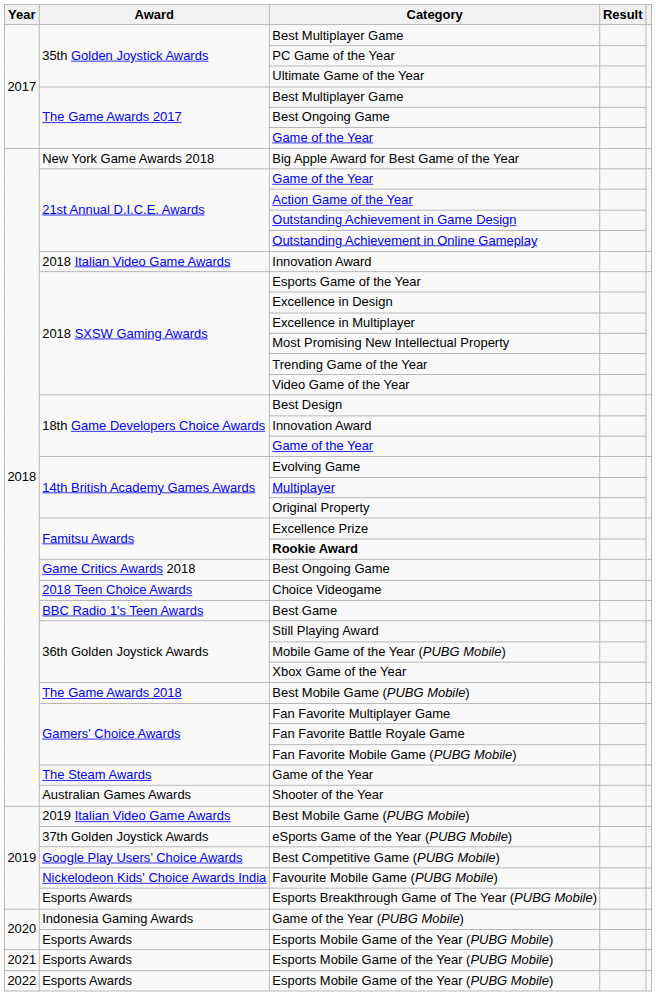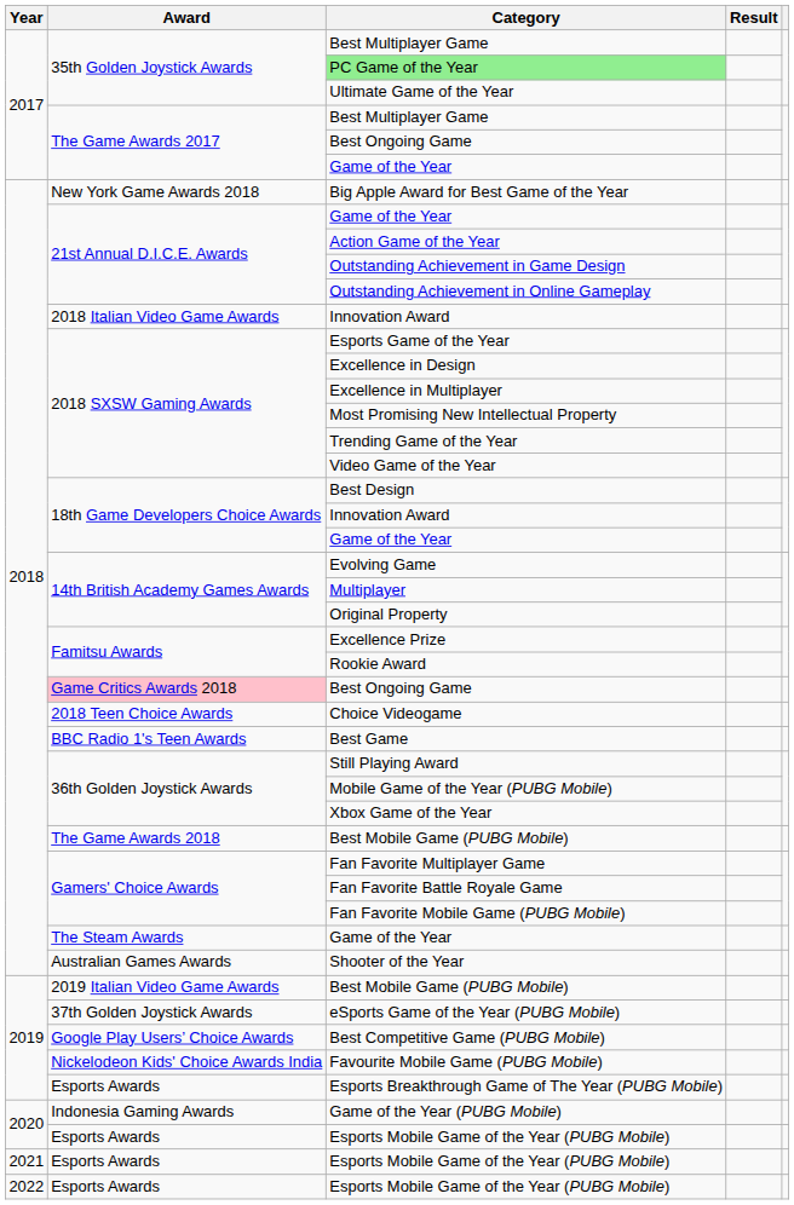 <table class="wikitable sortable">
 <tr>
 <th>Year</th>
 <th>Award</th>
 <th>Category</th>
 <th>Result</th>
 <th></th>
 </tr>
 <tr>
 <td rowspan="6" style="text-align:center">2017</td>
 <td rowspan="3">35th <a href='#'>Golden Joystick Awards</a></td>
 <td>Best Multiplayer Game</td>
 <td></td>
 <td rowspan="3" style="text-align:center"></td>
 </tr>
 <tr>
-<td>PC Game of the Year</td>
+<td style="background: lightgreen;">PC Game of the Year</td>
 <td></td>
 </tr>
 <tr>
 <td>Ultimate Game of the Year</td>
 <td></td>
 </tr>
 <tr>
 <td rowspan="3"><a href='#'>The Game Awards 2017</a></td>
 <td>Best Multiplayer Game</td>
 <td></td>
 <td rowspan="3" style="text-align:center"></td>
 </tr>
 <tr>
 <td>Best Ongoing Game</td>
 <td></td>
 </tr>
 <tr>
 <td><a href='#'>Game of the Year</a></td>
 <td></td>
 </tr>
 <tr>
 <td rowspan="32" style="text-align:center">2018</td>
 <td rowspan="1">New York Game Awards 2018</td>
 <td>Big Apple Award for Best Game of the Year</td>
 <td></td>
 <td style="text-align:center"></td>
 </tr>
 <tr>
 <td rowspan="4"><a href='#'>21st Annual D.I.C.E. Awards</a></td>
 <td><a href='#'>Game of the Year</a></td>
 <td></td>
 <td rowspan="4" style="text-align:center"></td>
 </tr>
 <tr>
 <td><a href='#'>Action Game of the Year</a></td>
 <td></td>
 </tr>
 <tr>
 <td><a href='#'>Outstanding Achievement in Game Design</a></td>
 <td></td>
 </tr>
 <tr>
 <td><a href='#'>Outstanding Achievement in Online Gameplay</a></td>
 <td></td>
 </tr>
 <tr>
 <td rowspan="1">2018 <a href='#'>Italian Video Game Awards</a></td>
 <td>Innovation Award</td>
 <td></td>
 <td style="text-align:center"></td>
 </tr>
 <tr>
 <td rowspan="6">2018 <a href='#'>SXSW Gaming Awards</a></td>
 <td>Esports Game of the Year</td>
 <td></td>
 <td rowspan="6" style="text-align:center"></td>
 </tr>
 <tr>
 <td>Excellence in Design</td>
 <td></td>
 </tr>
 <tr>
 <td>Excellence in Multiplayer</td>
 <td></td>
 </tr>
 <tr>
 <td>Most Promising New Intellectual Property</td>
 <td></td>
 </tr>
 <tr>
 <td>Trending Game of the Year</td>
 <td></td>
 </tr>
 <tr>
 <td>Video Game of the Year</td>
 <td></td>
 </tr>
 <tr>
 <td rowspan="3">18th <a href='#'>Game Developers Choice Awards</a></td>
 <td>Best Design</td>
 <td></td>
 <td rowspan="3" style="text-align:center"></td>
 </tr>
 <tr>
 <td>Innovation Award</td>
 <td></td>
 </tr>
 <tr>
 <td><a href='#'>Game of the Year</a></td>
 <td></td>
 </tr>
 <tr>
 <td rowspan="3"><a href='#'>14th British Academy Games Awards</a></td>
 <td>Evolving Game</td>
 <td></td>
 <td rowspan="3" style="text-align:center"></td>
 </tr>
 <tr>
 <td><a href='#'>Multiplayer</a></td>
 <td></td>
 </tr>
 <tr>
 <td>Original Property</td>
 <td></td>
 </tr>
 <tr>
 <td rowspan="2"><a href='#'>Famitsu Awards</a></td>
 <td>Excellence Prize</td>
 <td></td>
 <td rowspan="2" style="text-align:center"></td>
 </tr>
 <tr>
-<td><strong>Rookie Award</strong></td>
+<td>Rookie Award</td>
 <td></td>
 </tr>
 <tr>
-<td rowspan="1"><a href='#'>Game Critics Awards</a> 2018</td>
+<td rowspan="1" style="background: pink;"><a href='#'>Game Critics Awards</a> 2018</td>
 <td>Best Ongoing Game</td>
 <td></td>
 <td style="text-align:center"></td>
 </tr>
 <tr>
 <td rowspan="1"><a href='#'>2018 Teen Choice Awards</a></td>
 <td>Choice Videogame</td>
 <td></td>
 <td style="text-align:center"></td>
 </tr>
 <tr>
 <td rowspan="1"><a href='#'>BBC Radio 1's Teen Awards</a></td>
 <td>Best Game</td>
 <td></td>
 <td rowspan="1" style="text-align:center"></td>
 </tr>
 <tr>
 <td rowspan="3">36th Golden Joystick Awards</td>
 <td>Still Playing Award</td>
 <td></td>
 <td rowspan="3" style="text-align:center"></td>
 </tr>
 <tr>
 <td>Mobile Game of the Year (<em>PUBG Mobile</em>)</td>
 <td></td>
 </tr>
 <tr>
 <td>Xbox Game of the Year</td>
 <td></td>
 </tr>
 <tr>
 <td rowspan="1"><a href='#'>The Game Awards 2018</a></td>
 <td>Best Mobile Game (<em>PUBG Mobile</em>)</td>
 <td></td>
 <td rowspan="1" style="text-align:center"></td>
 </tr>
 <tr>
 <td rowspan="3"><a href='#'>Gamers' Choice Awards</a></td>
 <td>Fan Favorite Multiplayer Game</td>
 <td></td>
 <td rowspan="3" style="text-align:center"></td>
 </tr>
 <tr>
 <td>Fan Favorite Battle Royale Game</td>
 <td></td>
 </tr>
 <tr>
 <td>Fan Favorite Mobile Game (<em>PUBG Mobile</em>)</td>
 <td></td>
 </tr>
 <tr>
 <td rowspan="1"><a href='#'>The Steam Awards</a></td>
 <td>Game of the Year</td>
 <td></td>
 <td rowspan="1" style="text-align:center"></td>
 </tr>
 <tr>
 <td rowspan="1">Australian Games Awards</td>
 <td>Shooter of the Year</td>
 <td></td>
 <td rowspan="1" style="text-align:center"></td>
 </tr>
 <tr>
 <td rowspan="5" style="text-align:center">2019</td>
 <td rowspan="1">2019 <a href='#'>Italian Video Game Awards</a></td>
 <td>Best Mobile Game (<em>PUBG Mobile</em>)</td>
 <td></td>
 <td rowspan="1" style="text-align:center"></td>
 </tr>
 <tr>
 <td rowspan="1">37th Golden Joystick Awards</td>
 <td>eSports Game of the Year (<em>PUBG Mobile</em>)</td>
 <td></td>
 <td rowspan="1" style="text-align:center"></td>
 </tr>
 <tr>
 <td><a href='#'>Google Play Users’ Choice Awards</a></td>
 <td>Best Competitive Game (<em>PUBG Mobile</em>)</td>
 <td></td>
 <td rowspan="1" style="text-align:center"></td>
 </tr>
 <tr>
 <td><a href='#'>Nickelodeon Kids' Choice Awards India</a></td>
 <td>Favourite Mobile Game (<em>PUBG Mobile</em>)</td>
 <td></td>
 <td rowspan="1" style="text-align:center"></td>
 </tr>
 <tr>
 <td>Esports Awards</td>
 <td>Esports Breakthrough Game of The Year (<em>PUBG Mobile</em>)</td>
 <td></td>
 <td rowspan="1" style="text-align:center"></td>
 </tr>
 <tr>
 <td rowspan="2">2020</td>
 <td>Indonesia Gaming Awards</td>
 <td>Game of the Year (<em>PUBG Mobile</em>)</td>
 <td></td>
 <td rowspan="1" style="text-align:center"></td>
 </tr>
 <tr>
 <td>Esports Awards</td>
 <td>Esports Mobile Game of the Year (<em>PUBG Mobile</em>)</td>
 <td></td>
 <td rowspan="1" style="text-align:center"></td>
 </tr>
 <tr>
 <td>2021</td>
 <td>Esports Awards</td>
 <td>Esports Mobile Game of the Year (<em>PUBG Mobile</em>)</td>
 <td></td>
 <td rowspan="1" style="text-align:center"></td>
 </tr>
 <tr>
 <td>2022</td>
 <td>Esports Awards</td>
 <td>Esports Mobile Game of the Year (<em>PUBG Mobile</em>)</td>
 <td></td>
 <td rowspan="1" style="text-align:center"></td>
 </tr>
 </table>
